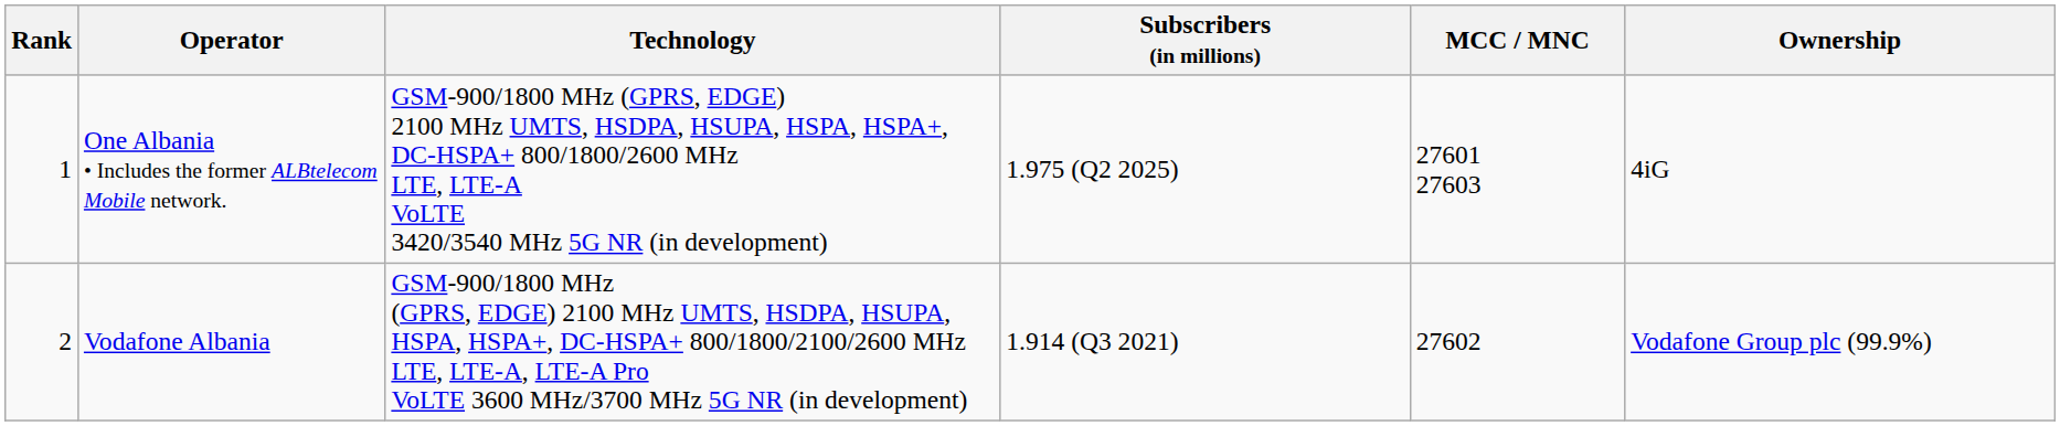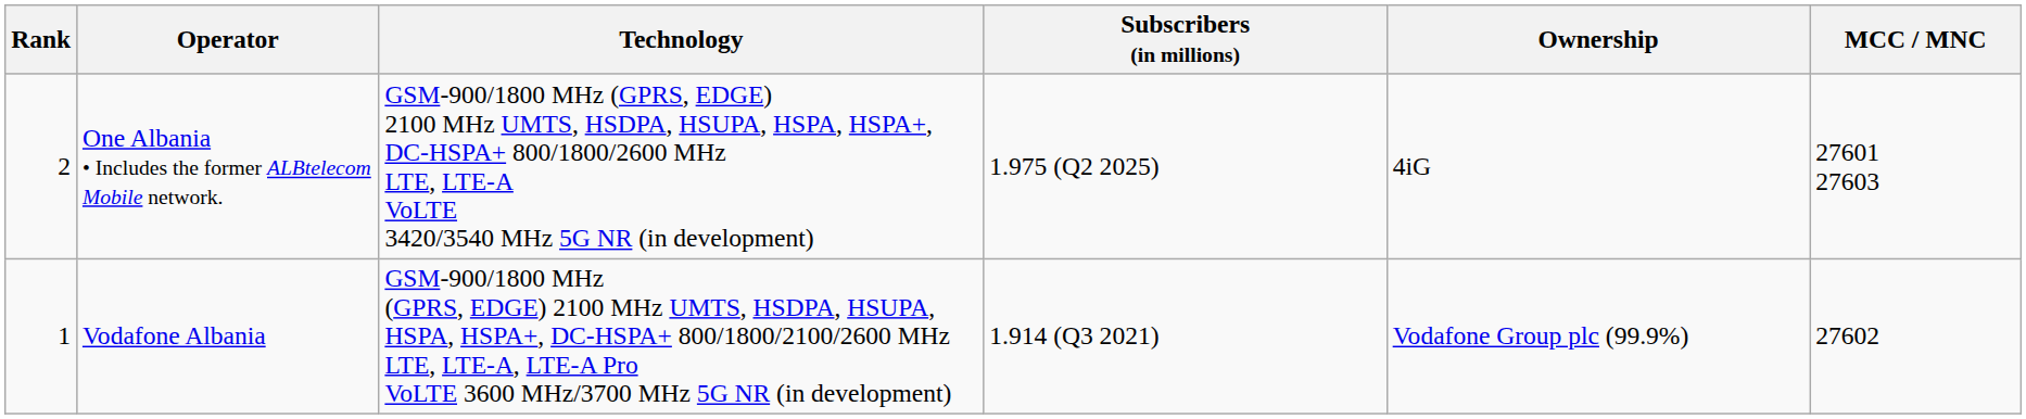 <table class="wikitable" style="width:100%;">
 <tr>
 <th style="width:3%;">Rank</th>
 <th style="width:15%;">Operator</th>
 <th style="width:30%;">Technology</th>
 <th style="width:20%;">Subscribers<br><small>(in millions)</small></th>
+<th style="width:32M;">Ownership</th>
 <th>MCC / MNC</th>
-<th style="width:32M;">Ownership</th>
+</tr>
+<tr>
+<td style="text-align:right;">2</td>
+<td><a href='#'>One Albania</a><br><small>• Includes the former <em><a href='#'>ALBtelecom Mobile</a></em> network.</small></td>
+<td><a href='#'>GSM</a>-900/1800 MHz (<a href='#'>GPRS</a>, <a href='#'>EDGE</a>)<br>2100 MHz <a href='#'>UMTS</a>, <a href='#'>HSDPA</a>, <a href='#'>HSUPA</a>, <a href='#'>HSPA</a>, <a href='#'>HSPA+</a>, <a href='#'>DC-HSPA+</a> 800/1800/2600 MHz<br><a href='#'>LTE</a>, <a href='#'>LTE-A</a><br><a href='#'>VoLTE</a><br>3420/3540 MHz <a href='#'>5G NR</a> (in development)</td>
+<td>1.975 (Q2 2025)</td>
+<td>4iG</td>
+<td>27601<br>27603</td>
 </tr>
 <tr>
 <td style="text-align:right;">1</td>
-<td><a href='#'>One Albania</a><br><small>• Includes the former <em><a href='#'>ALBtelecom Mobile</a></em> network.</small></td>
-<td><a href='#'>GSM</a>-900/1800 MHz (<a href='#'>GPRS</a>, <a href='#'>EDGE</a>)<br>2100 MHz <a href='#'>UMTS</a>, <a href='#'>HSDPA</a>, <a href='#'>HSUPA</a>, <a href='#'>HSPA</a>, <a href='#'>HSPA+</a>, <a href='#'>DC-HSPA+</a> 800/1800/2600 MHz<br><a href='#'>LTE</a>, <a href='#'>LTE-A</a><br><a href='#'>VoLTE</a><br>3420/3540 MHz <a href='#'>5G NR</a> (in development)</td>
-<td>1.975 (Q2 2025)</td>
-<td>27601<br>27603</td>
-<td>4iG</td>
-</tr>
-<tr>
-<td style="text-align:right;">2</td>
 <td><a href='#'>Vodafone Albania</a></td>
 <td><a href='#'>GSM</a>-900/1800 MHz<br>(<a href='#'>GPRS</a>, <a href='#'>EDGE</a>) 2100 MHz <a href='#'>UMTS</a>, <a href='#'>HSDPA</a>, <a href='#'>HSUPA</a>, <a href='#'>HSPA</a>, <a href='#'>HSPA+</a>, <a href='#'>DC-HSPA+</a> 800/1800/2100/2600 MHz <a href='#'>LTE</a>, <a href='#'>LTE-A</a>, <a href='#'>LTE-A Pro</a><br><a href='#'>VoLTE</a> 3600 MHz/3700 MHz <a href='#'>5G NR</a> (in development)</td>
 <td>1.914 (Q3 2021)</td>
+<td><a href='#'>Vodafone Group plc</a> (99.9%)</td>
 <td>27602</td>
-<td><a href='#'>Vodafone Group plc</a> (99.9%)</td>
 </tr>
 </table>
